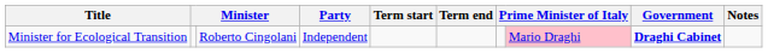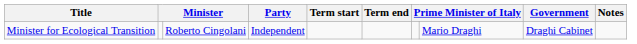 <table class="wikitable sortable">
 <tr>
 <th>Title</th>
 <th colspan=2><a href='#'>Minister</a></th>
 <th><a href='#'>Party</a></th>
 <th>Term start</th>
 <th>Term end</th>
 <th colspan=2><a href='#'>Prime Minister of Italy</a></th>
 <th><a href='#'>Government</a></th>
 <th class="unsortable">Notes</th>
 </tr>
 <tr>
 <td><a href='#'>Minister for Ecological Transition</a></td>
 <td style="color:inherit;background:"></td>
 <td><a href='#'>Roberto Cingolani</a></td>
 <td><a href='#'>Independent</a></td>
 <td></td>
 <td></td>
 <td style="color:inherit;background:"></td>
-<td style="background: pink;"><a href='#'>Mario Draghi</a></td>
-<td><strong><a href='#'>Draghi Cabinet</a></strong></td>
+<td><a href='#'>Mario Draghi</a></td>
+<td><a href='#'>Draghi Cabinet</a></td>
 <td></td>
 </tr>
 </table>
